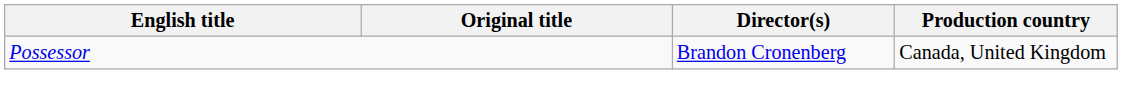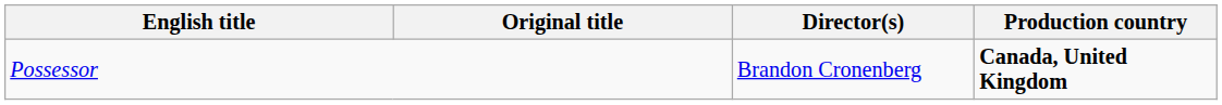 <table class="wikitable" width=100%>
 <tr>
 <th scope="col" width="32%">English title</th>
 <th scope="col" width="28%">Original title</th>
 <th scope="col" width="20%">Director(s)</th>
 <th scope="col" width="20%">Production country</th>
 </tr>
 <tr>
 <td colspan=2><em><a href='#'>Possessor</a></em></td>
 <td><a href='#'>Brandon Cronenberg</a></td>
-<td>Canada, United Kingdom</td>
+<td><strong>Canada, United Kingdom</strong></td>
 </tr>
 </table>
